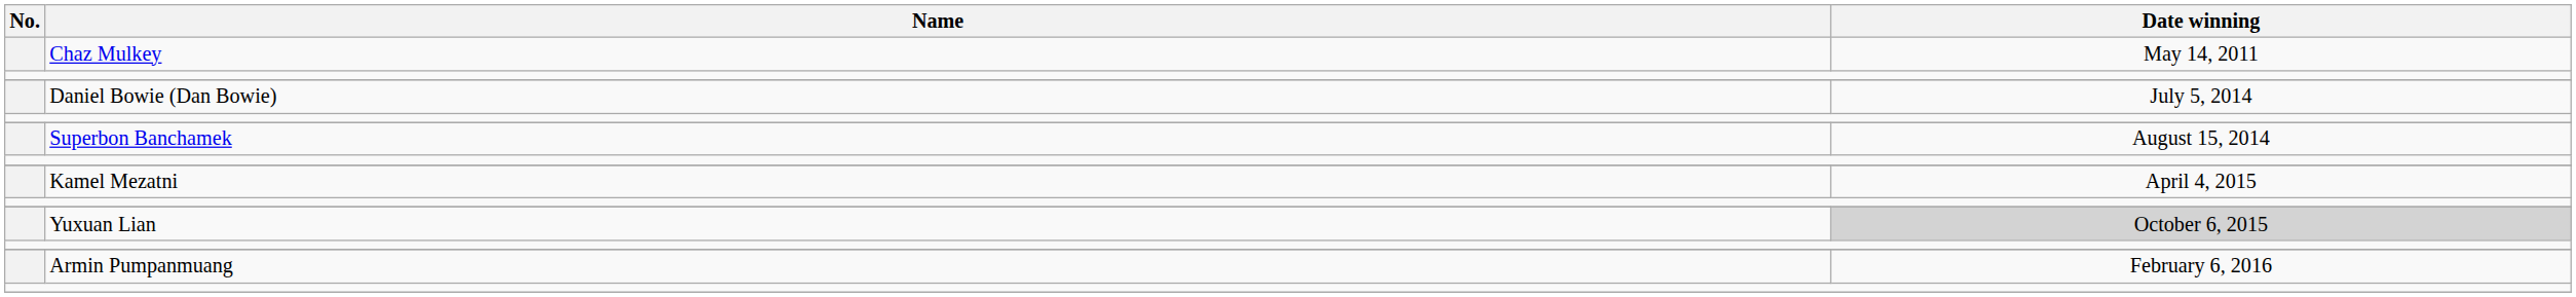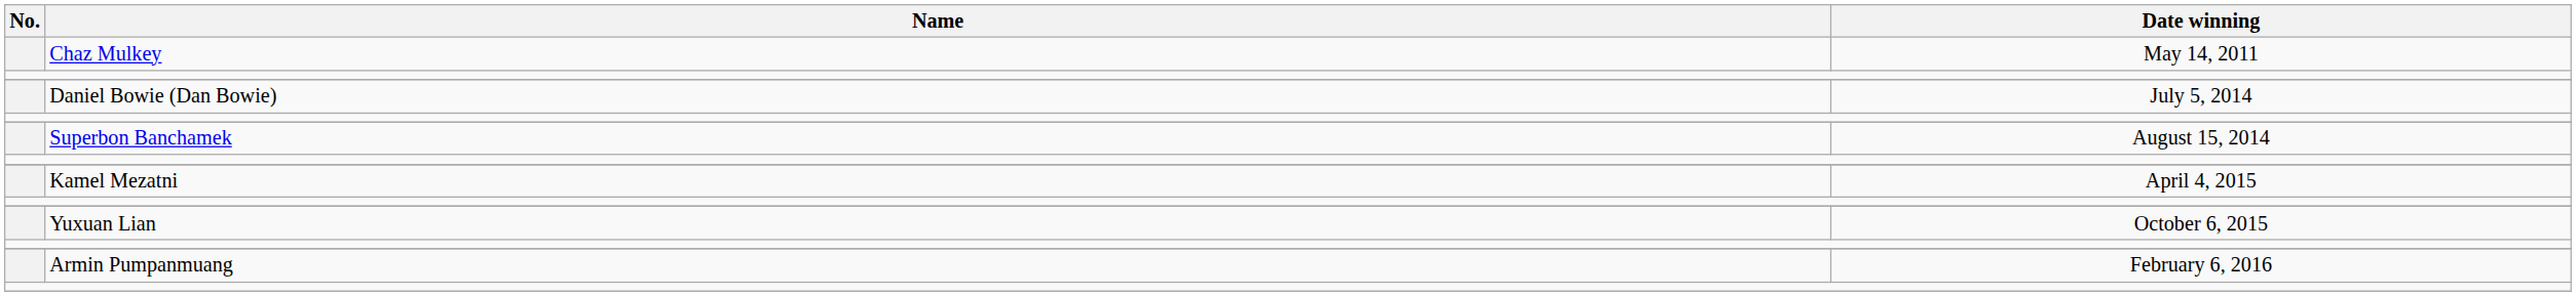 <table class="wikitable" width=100%>
 <tr>
 <th style="width:1%;">No.</th>
 <th style="width:70%;">Name</th>
 <th style="width:29%;">Date winning</th>
 </tr>
 <tr align=center>
 <th></th>
 <td align=left> <a href='#'>Chaz Mulkey</a></td>
 <td>May 14, 2011</td>
 </tr>
 <tr>
 <td colspan="6"></td>
 </tr>
 <tr>
 </tr>
 <tr align=center>
 <th></th>
 <td align=left> Daniel Bowie (Dan Bowie)</td>
 <td>July 5, 2014</td>
 </tr>
 <tr>
 <td colspan="6"></td>
 </tr>
 <tr>
 </tr>
 <tr align=center>
 <th></th>
 <td align=left> <a href='#'>Superbon Banchamek</a></td>
 <td>August 15, 2014</td>
 </tr>
 <tr>
 <td colspan="6"></td>
 </tr>
 <tr>
 </tr>
 <tr align=center>
 <th></th>
 <td align=left> Kamel Mezatni</td>
 <td>April 4, 2015</td>
 </tr>
 <tr>
 <td colspan="6"></td>
 </tr>
 <tr>
 </tr>
 <tr align=center>
 <th></th>
 <td align=left> Yuxuan Lian</td>
-<td style="background: lightgrey;">October 6, 2015</td>
+<td>October 6, 2015</td>
 </tr>
 <tr>
 <td colspan="6"></td>
 </tr>
 <tr>
 </tr>
 <tr align=center>
 <th></th>
 <td align=left> Armin Pumpanmuang</td>
 <td>February 6, 2016</td>
 </tr>
 <tr>
 <td colspan="6"></td>
 </tr>
 <tr>
 </tr>
 </table>
